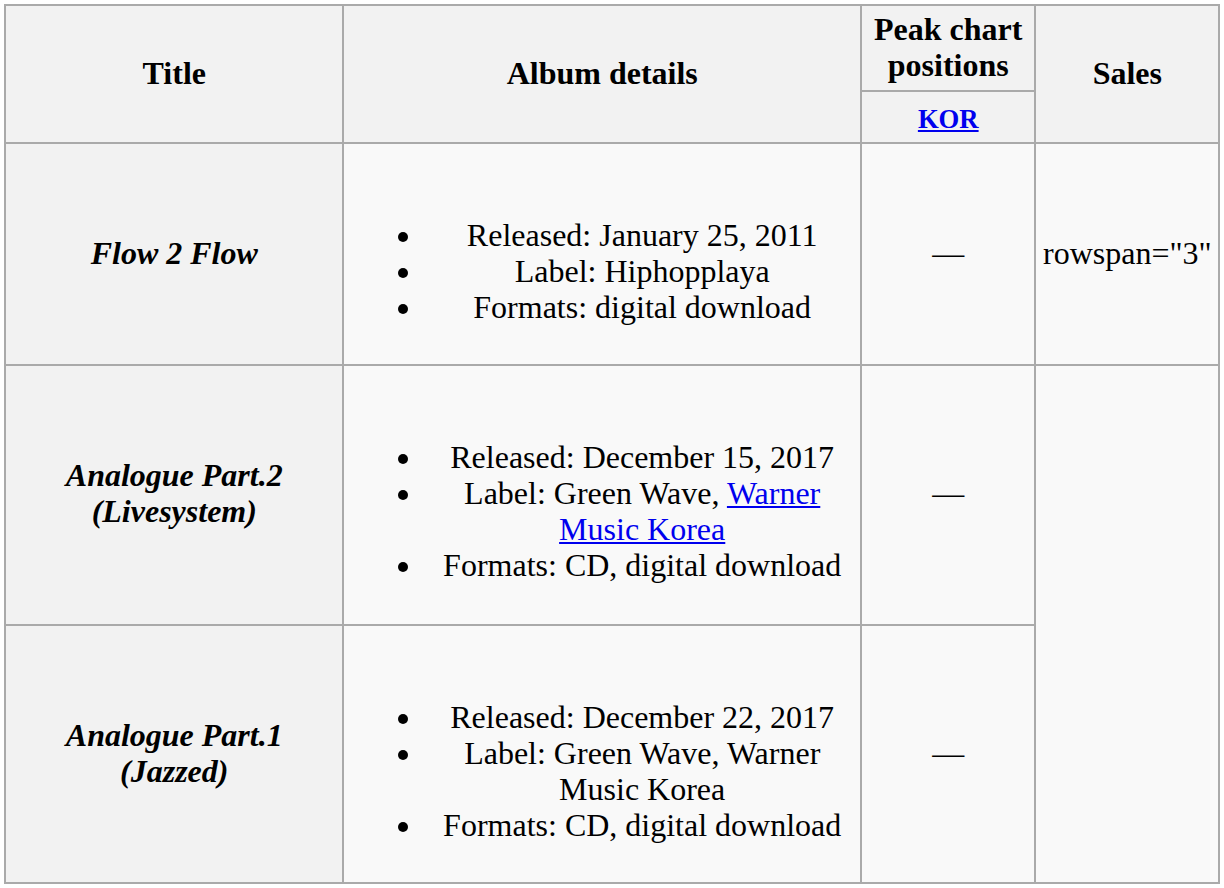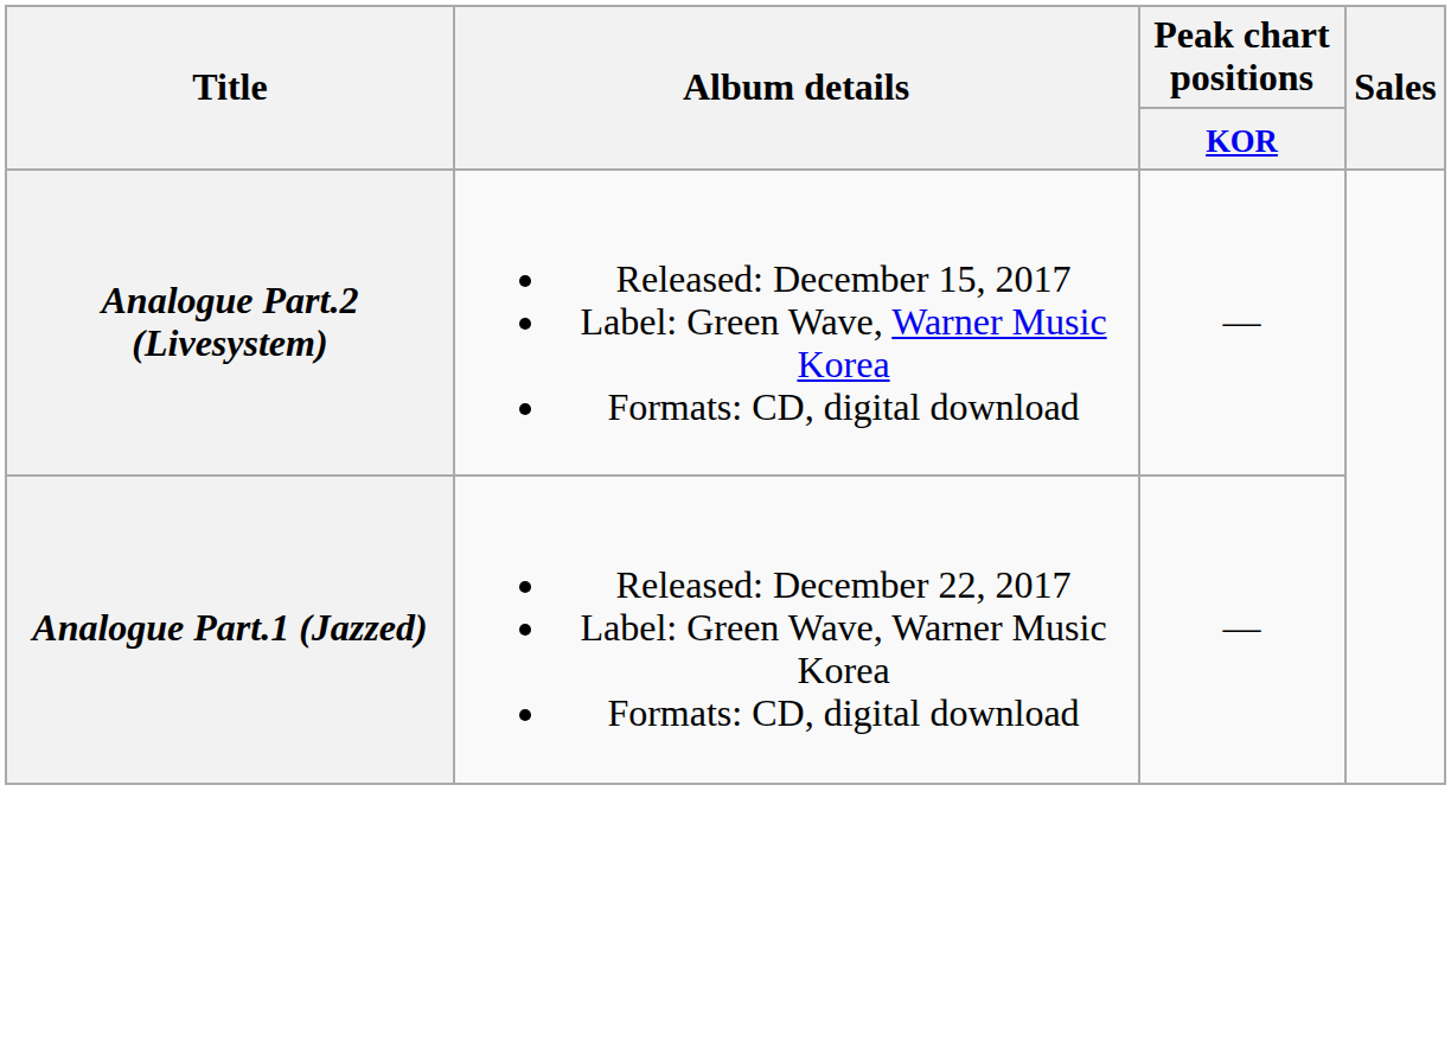 <table class="wikitable plainrowheaders" style="text-align:center;">
 <tr>
 <th scope="col" rowspan="2">Title</th>
 <th scope="col" rowspan="2">Album details</th>
 <th scope="col" colspan="1" style="width:5em;">Peak chart positions</th>
 <th scope="col" rowspan="2">Sales</th>
 </tr>
 <tr>
 <th><small><a href='#'>KOR</a></small><br></th>
-</tr>
-<tr>
-<th scope="row"><em>Flow 2 Flow</em><br></th>
-<td><br><ul><li>Released: January 25, 2011</li><li>Label: Hiphopplaya</li><li>Formats: digital download</li></ul></td>
-<td>—</td>
-<td>rowspan="3" </td>
 </tr>
 <tr>
 <th scope="row"><em>Analogue Part.2 (Livesystem)</em><br></th>
 <td><br><ul><li>Released: December 15, 2017</li><li>Label: Green Wave, <a href='#'>Warner Music Korea</a></li><li>Formats: CD, digital download</li></ul></td>
 <td>—</td>
 </tr>
 <tr>
 <th scope="row"><em>Analogue Part.1 (Jazzed)</em><br></th>
 <td><br><ul><li>Released: December 22, 2017</li><li>Label: Green Wave, Warner Music Korea</li><li>Formats: CD, digital download</li></ul></td>
 <td>—</td>
 </tr>
 <tr>
 </tr>
 </table>
